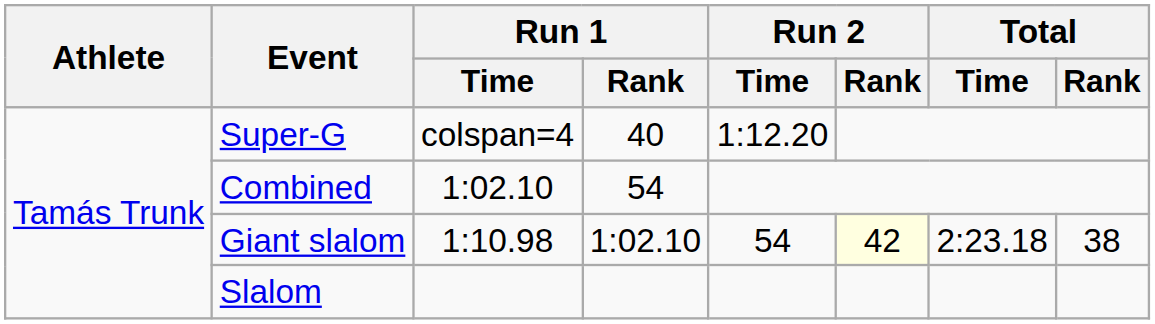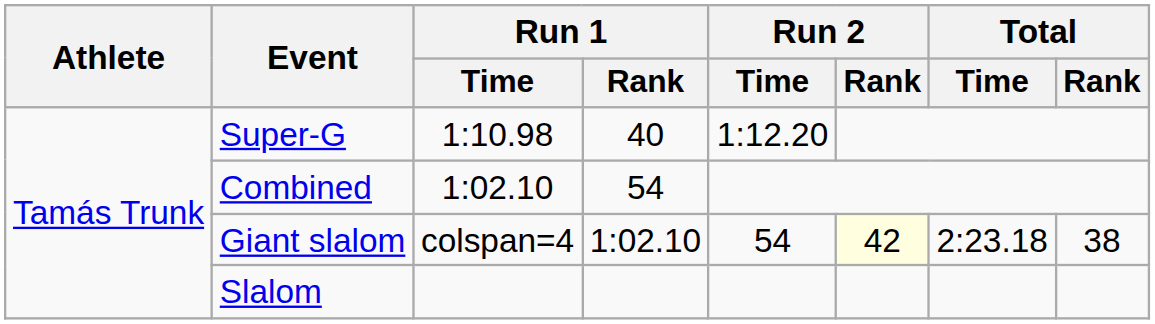 <table class="wikitable" style="font-size:90%">
 <tr>
 <th rowspan=2>Athlete</th>
 <th rowspan=2>Event</th>
 <th colspan=2>Run 1</th>
 <th colspan=2>Run 2</th>
 <th colspan=2>Total</th>
 </tr>
 <tr style="font-size:95%">
 <th>Time</th>
 <th>Rank</th>
 <th>Time</th>
 <th>Rank</th>
 <th>Time</th>
 <th>Rank</th>
 </tr>
 <tr align=center>
 <td align="left" rowspan="4"><a href='#'>Tamás Trunk</a></td>
 <td align="left"><a href='#'>Super-G</a></td>
-<td>colspan=4</td>
+<td>1:10.98</td>
 <td>40</td>
 <td>1:12.20</td>
 </tr>
 <tr align=center>
 <td align="left"><a href='#'>Combined</a></td>
 <td>1:02.10</td>
 <td>54</td>
 <td colspan=4></td>
 </tr>
 <tr align=center>
 <td align="left"><a href='#'>Giant slalom</a></td>
-<td>1:10.98</td>
+<td>colspan=4</td>
 <td>1:02.10</td>
 <td>54</td>
 <td style="background: lightyellow;">42</td>
 <td>2:23.18</td>
 <td>38</td>
 </tr>
 <tr align=center>
 <td align="left"><a href='#'>Slalom</a></td>
 <td></td>
 <td></td>
 <td></td>
 <td></td>
 <td></td>
 <td></td>
 </tr>
 </table>
